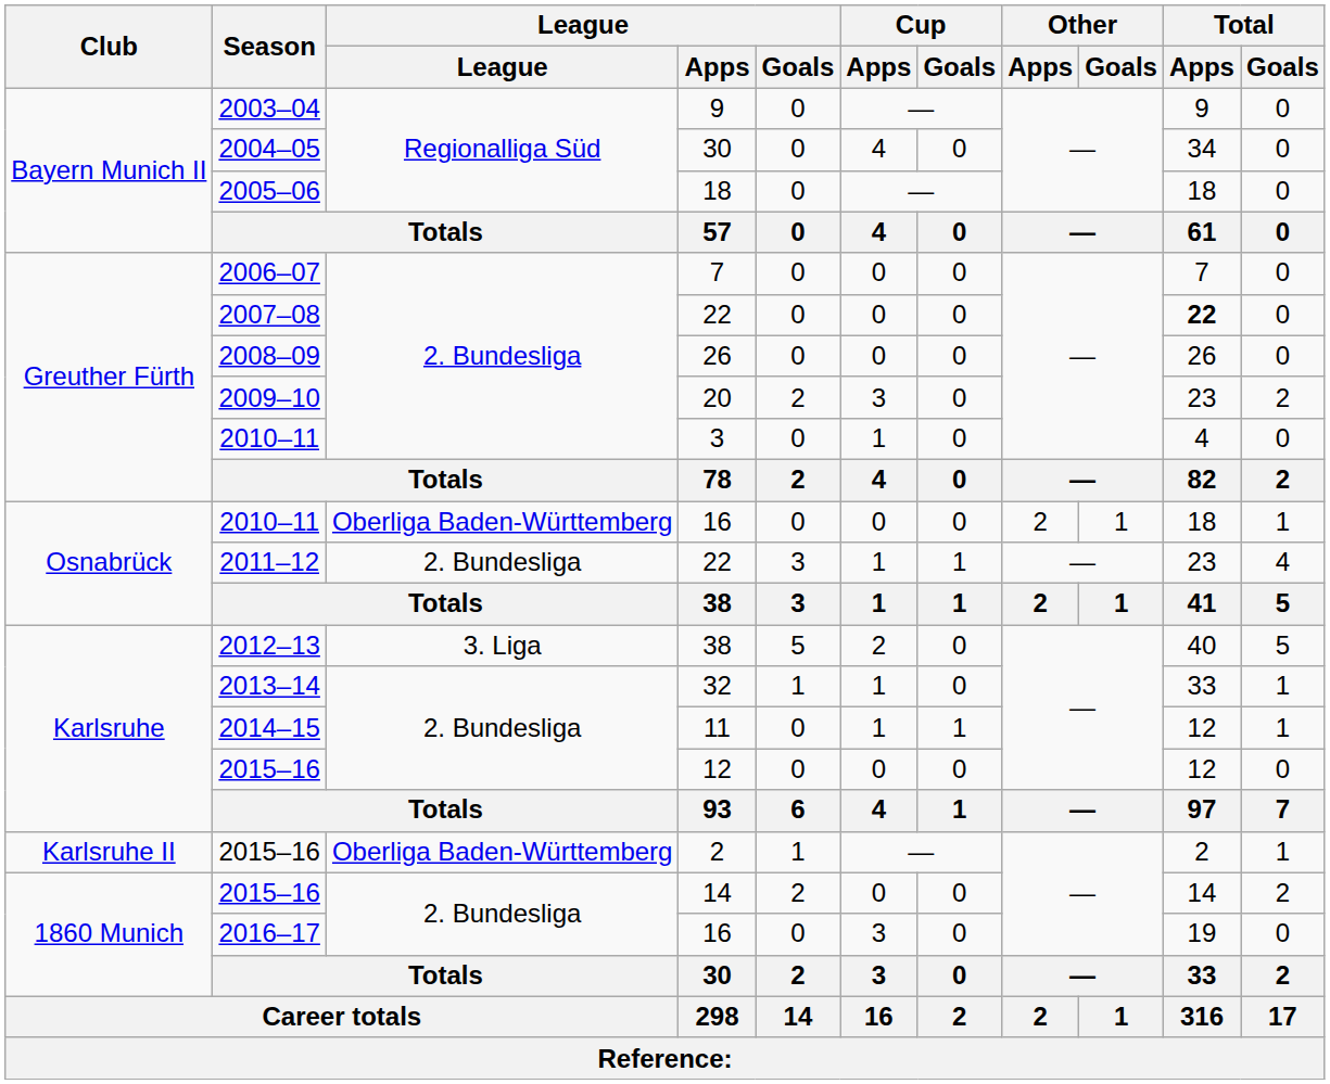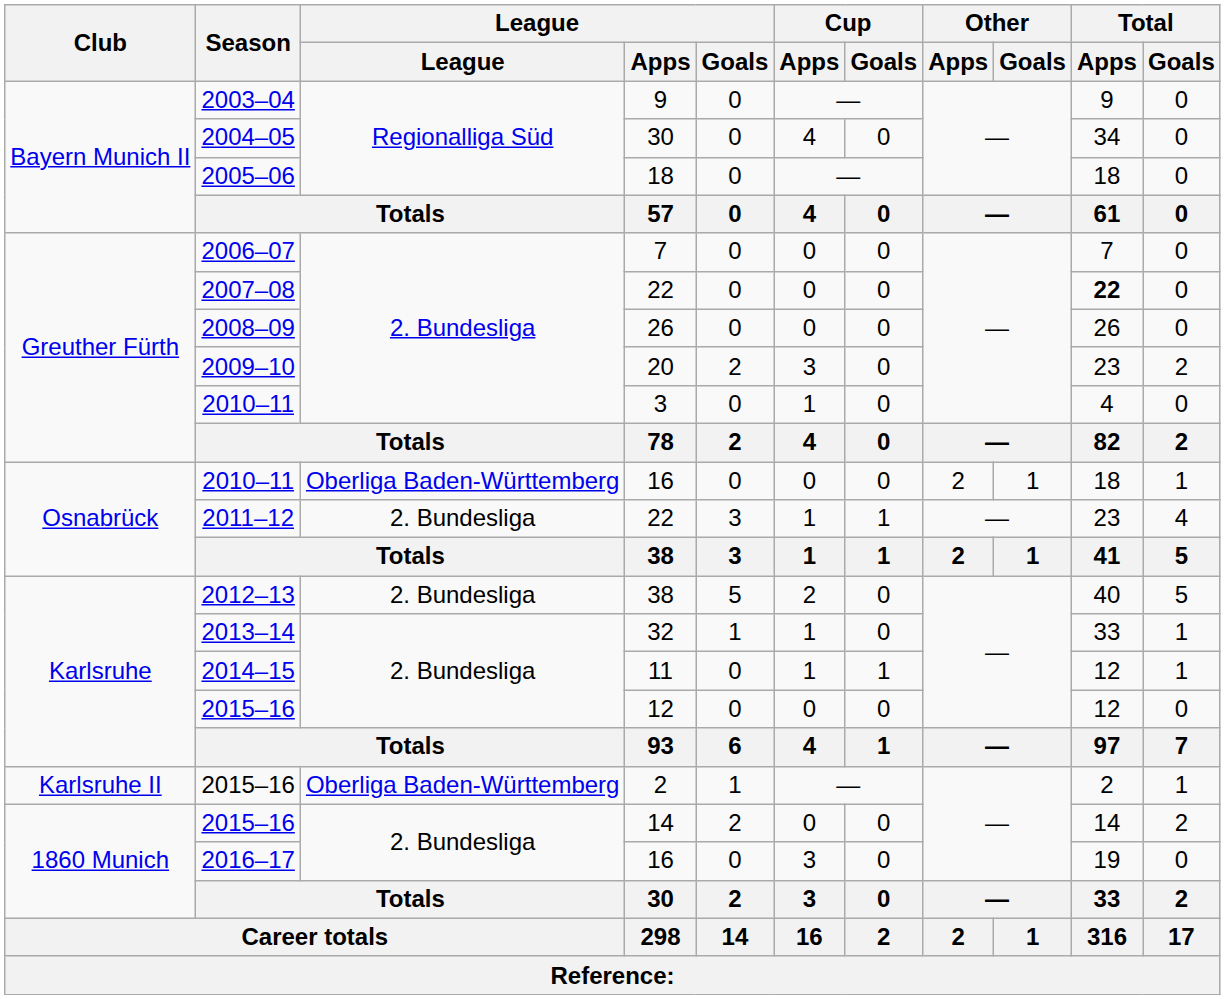 <table class="wikitable" Style="text-align: center">
 <tr>
 <th rowspan="2">Club</th>
 <th rowspan="2">Season</th>
 <th colspan="3">League</th>
 <th colspan="2">Cup</th>
 <th colspan="2">Other</th>
 <th colspan="2">Total</th>
 </tr>
 <tr>
 <th>League</th>
 <th>Apps</th>
 <th>Goals</th>
 <th>Apps</th>
 <th>Goals</th>
 <th>Apps</th>
 <th>Goals</th>
 <th>Apps</th>
 <th>Goals</th>
 </tr>
 <tr>
 <td rowspan="4"><a href='#'>Bayern Munich II</a></td>
 <td><a href='#'>2003–04</a></td>
 <td rowspan="3"><a href='#'>Regionalliga Süd</a></td>
 <td>9</td>
 <td>0</td>
 <td colspan="2">—</td>
 <td rowspan="3" colspan="2">—</td>
 <td>9</td>
 <td>0</td>
 </tr>
 <tr>
 <td><a href='#'>2004–05</a></td>
 <td>30</td>
 <td>0</td>
 <td>4</td>
 <td>0</td>
 <td>34</td>
 <td>0</td>
 </tr>
 <tr>
 <td><a href='#'>2005–06</a></td>
 <td>18</td>
 <td>0</td>
 <td colspan="2">—</td>
 <td>18</td>
 <td>0</td>
 </tr>
 <tr>
 <th colspan="2">Totals</th>
 <th>57</th>
 <th>0</th>
 <th>4</th>
 <th>0</th>
 <th colspan="2">—</th>
 <th>61</th>
 <th>0</th>
 </tr>
 <tr>
 <td rowspan="6"><a href='#'>Greuther Fürth</a></td>
 <td><a href='#'>2006–07</a></td>
 <td rowspan="5"><a href='#'>2. Bundesliga</a></td>
 <td>7</td>
 <td>0</td>
 <td>0</td>
 <td>0</td>
 <td rowspan="5" colspan="2">—</td>
 <td>7</td>
 <td>0</td>
 </tr>
 <tr>
 <td><a href='#'>2007–08</a></td>
 <td>22</td>
 <td>0</td>
 <td>0</td>
 <td>0</td>
 <td><strong>22</strong></td>
 <td>0</td>
 </tr>
 <tr>
 <td><a href='#'>2008–09</a></td>
 <td>26</td>
 <td>0</td>
 <td>0</td>
 <td>0</td>
 <td>26</td>
 <td>0</td>
 </tr>
 <tr>
 <td><a href='#'>2009–10</a></td>
 <td>20</td>
 <td>2</td>
 <td>3</td>
 <td>0</td>
 <td>23</td>
 <td>2</td>
 </tr>
 <tr>
 <td><a href='#'>2010–11</a></td>
 <td>3</td>
 <td>0</td>
 <td>1</td>
 <td>0</td>
 <td>4</td>
 <td>0</td>
 </tr>
 <tr>
 <th colspan="2">Totals</th>
 <th>78</th>
 <th>2</th>
 <th>4</th>
 <th>0</th>
 <th colspan="2">—</th>
 <th>82</th>
 <th>2</th>
 </tr>
 <tr>
 <td rowspan="3"><a href='#'>Osnabrück</a></td>
 <td><a href='#'>2010–11</a></td>
 <td><a href='#'>Oberliga Baden-Württemberg</a></td>
 <td>16</td>
 <td>0</td>
 <td>0</td>
 <td>0</td>
 <td>2</td>
 <td>1</td>
 <td>18</td>
 <td>1</td>
 </tr>
 <tr>
 <td><a href='#'>2011–12</a></td>
 <td>2. Bundesliga</td>
 <td>22</td>
 <td>3</td>
 <td>1</td>
 <td>1</td>
 <td colspan="2">—</td>
 <td>23</td>
 <td>4</td>
 </tr>
 <tr>
 <th colspan="2">Totals</th>
 <th>38</th>
 <th>3</th>
 <th>1</th>
 <th>1</th>
 <th>2</th>
 <th>1</th>
 <th>41</th>
 <th>5</th>
 </tr>
 <tr>
 <td rowspan="5"><a href='#'>Karlsruhe</a></td>
 <td><a href='#'>2012–13</a></td>
-<td>3. Liga</td>
+<td>2. Bundesliga</td>
 <td>38</td>
 <td>5</td>
 <td>2</td>
 <td>0</td>
 <td rowspan="4" colspan="2">—</td>
 <td>40</td>
 <td>5</td>
 </tr>
 <tr>
 <td><a href='#'>2013–14</a></td>
 <td rowspan="3">2. Bundesliga</td>
 <td>32</td>
 <td>1</td>
 <td>1</td>
 <td>0</td>
 <td>33</td>
 <td>1</td>
 </tr>
 <tr>
 <td><a href='#'>2014–15</a></td>
 <td>11</td>
 <td>0</td>
 <td>1</td>
 <td>1</td>
 <td>12</td>
 <td>1</td>
 </tr>
 <tr>
 <td><a href='#'>2015–16</a></td>
 <td>12</td>
 <td>0</td>
 <td>0</td>
 <td>0</td>
 <td>12</td>
 <td>0</td>
 </tr>
 <tr>
 <th colspan="2">Totals</th>
 <th>93</th>
 <th>6</th>
 <th>4</th>
 <th>1</th>
 <th colspan="2">—</th>
 <th>97</th>
 <th>7</th>
 </tr>
 <tr>
 <td><a href='#'>Karlsruhe II</a></td>
 <td>2015–16</td>
 <td><a href='#'>Oberliga Baden-Württemberg</a></td>
 <td>2</td>
 <td>1</td>
 <td colspan="2">—</td>
 <td rowspan="3" colspan="2">—</td>
 <td>2</td>
 <td>1</td>
 </tr>
 <tr>
 <td rowspan="3"><a href='#'>1860 Munich</a></td>
 <td><a href='#'>2015–16</a></td>
 <td rowspan="2">2. Bundesliga</td>
 <td>14</td>
 <td>2</td>
 <td>0</td>
 <td>0</td>
 <td>14</td>
 <td>2</td>
 </tr>
 <tr>
 <td><a href='#'>2016–17</a></td>
 <td>16</td>
 <td>0</td>
 <td>3</td>
 <td>0</td>
 <td>19</td>
 <td>0</td>
 </tr>
 <tr>
 <th colspan="2">Totals</th>
 <th>30</th>
 <th>2</th>
 <th>3</th>
 <th>0</th>
 <th colspan="2">—</th>
 <th>33</th>
 <th>2</th>
 </tr>
 <tr>
 <th colspan="3">Career totals</th>
 <th>298</th>
 <th>14</th>
 <th>16</th>
 <th>2</th>
 <th>2</th>
 <th>1</th>
 <th>316</th>
 <th>17</th>
 </tr>
 <tr>
 <th colspan="11">Reference:</th>
 </tr>
 </table>
